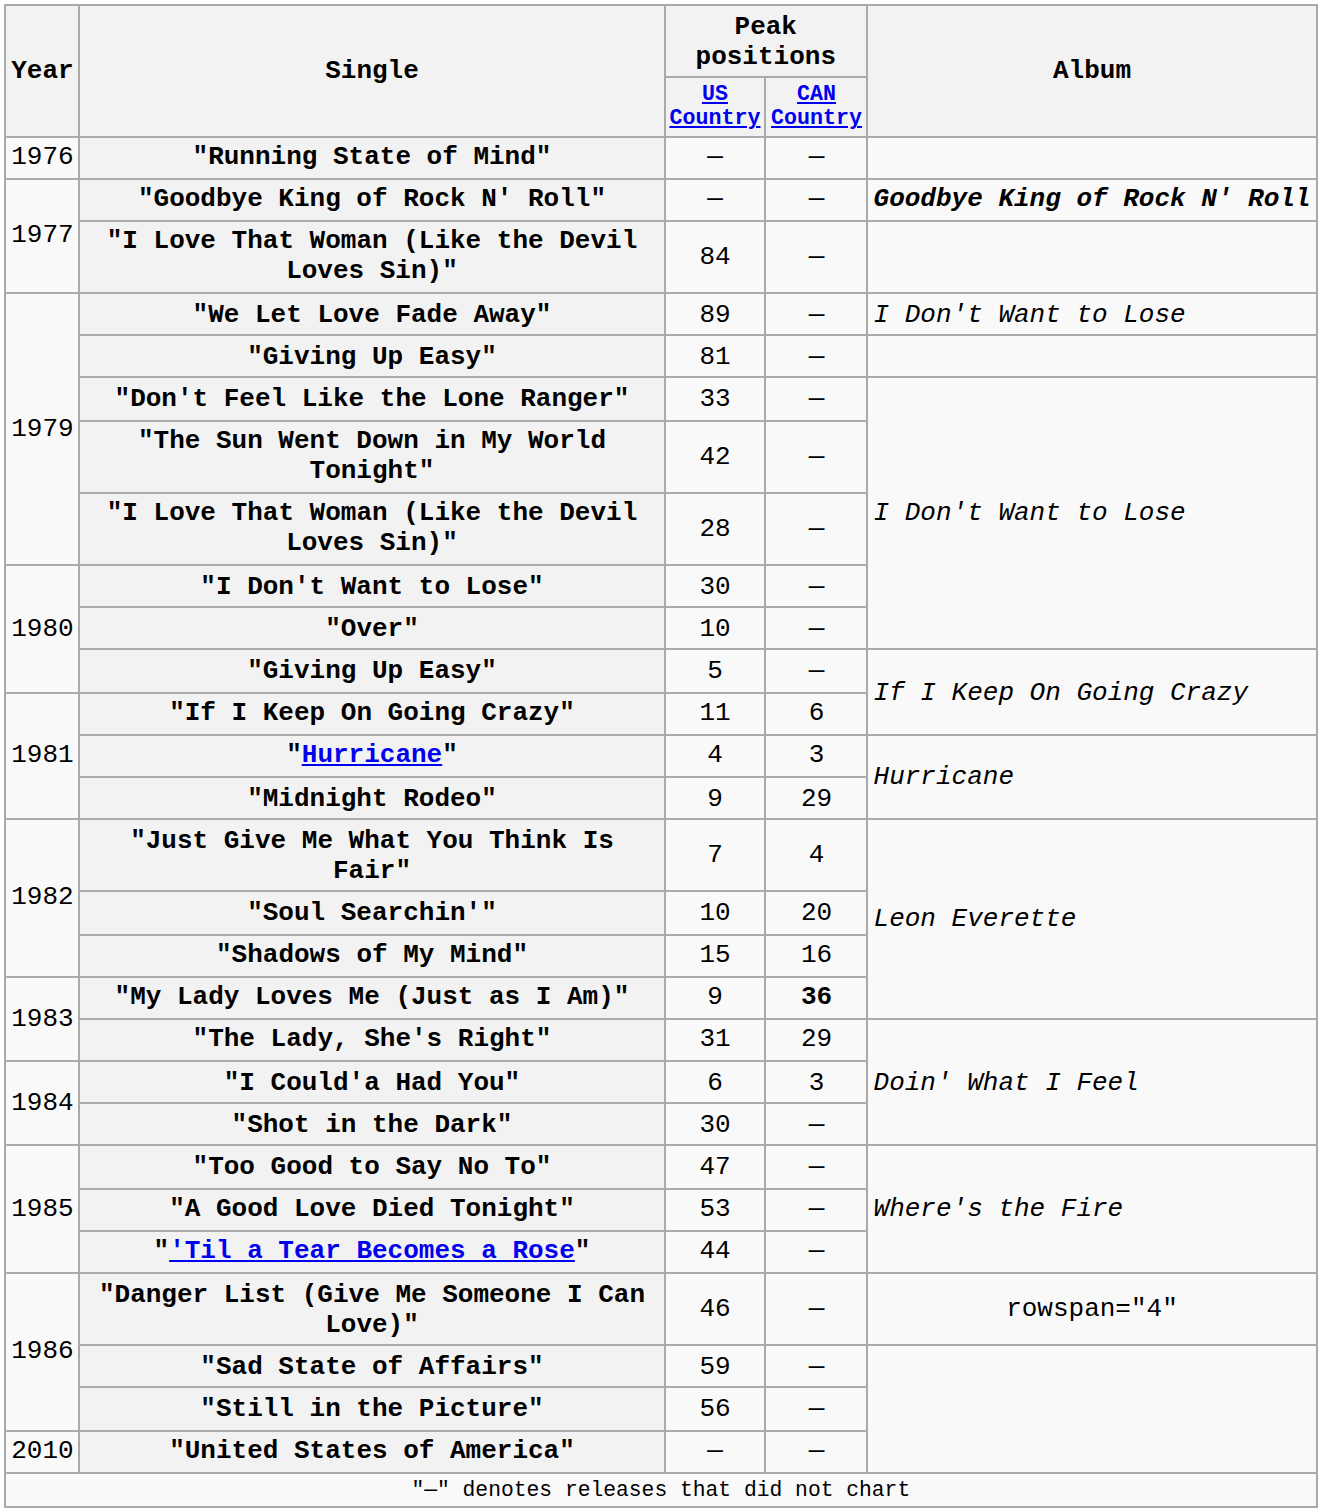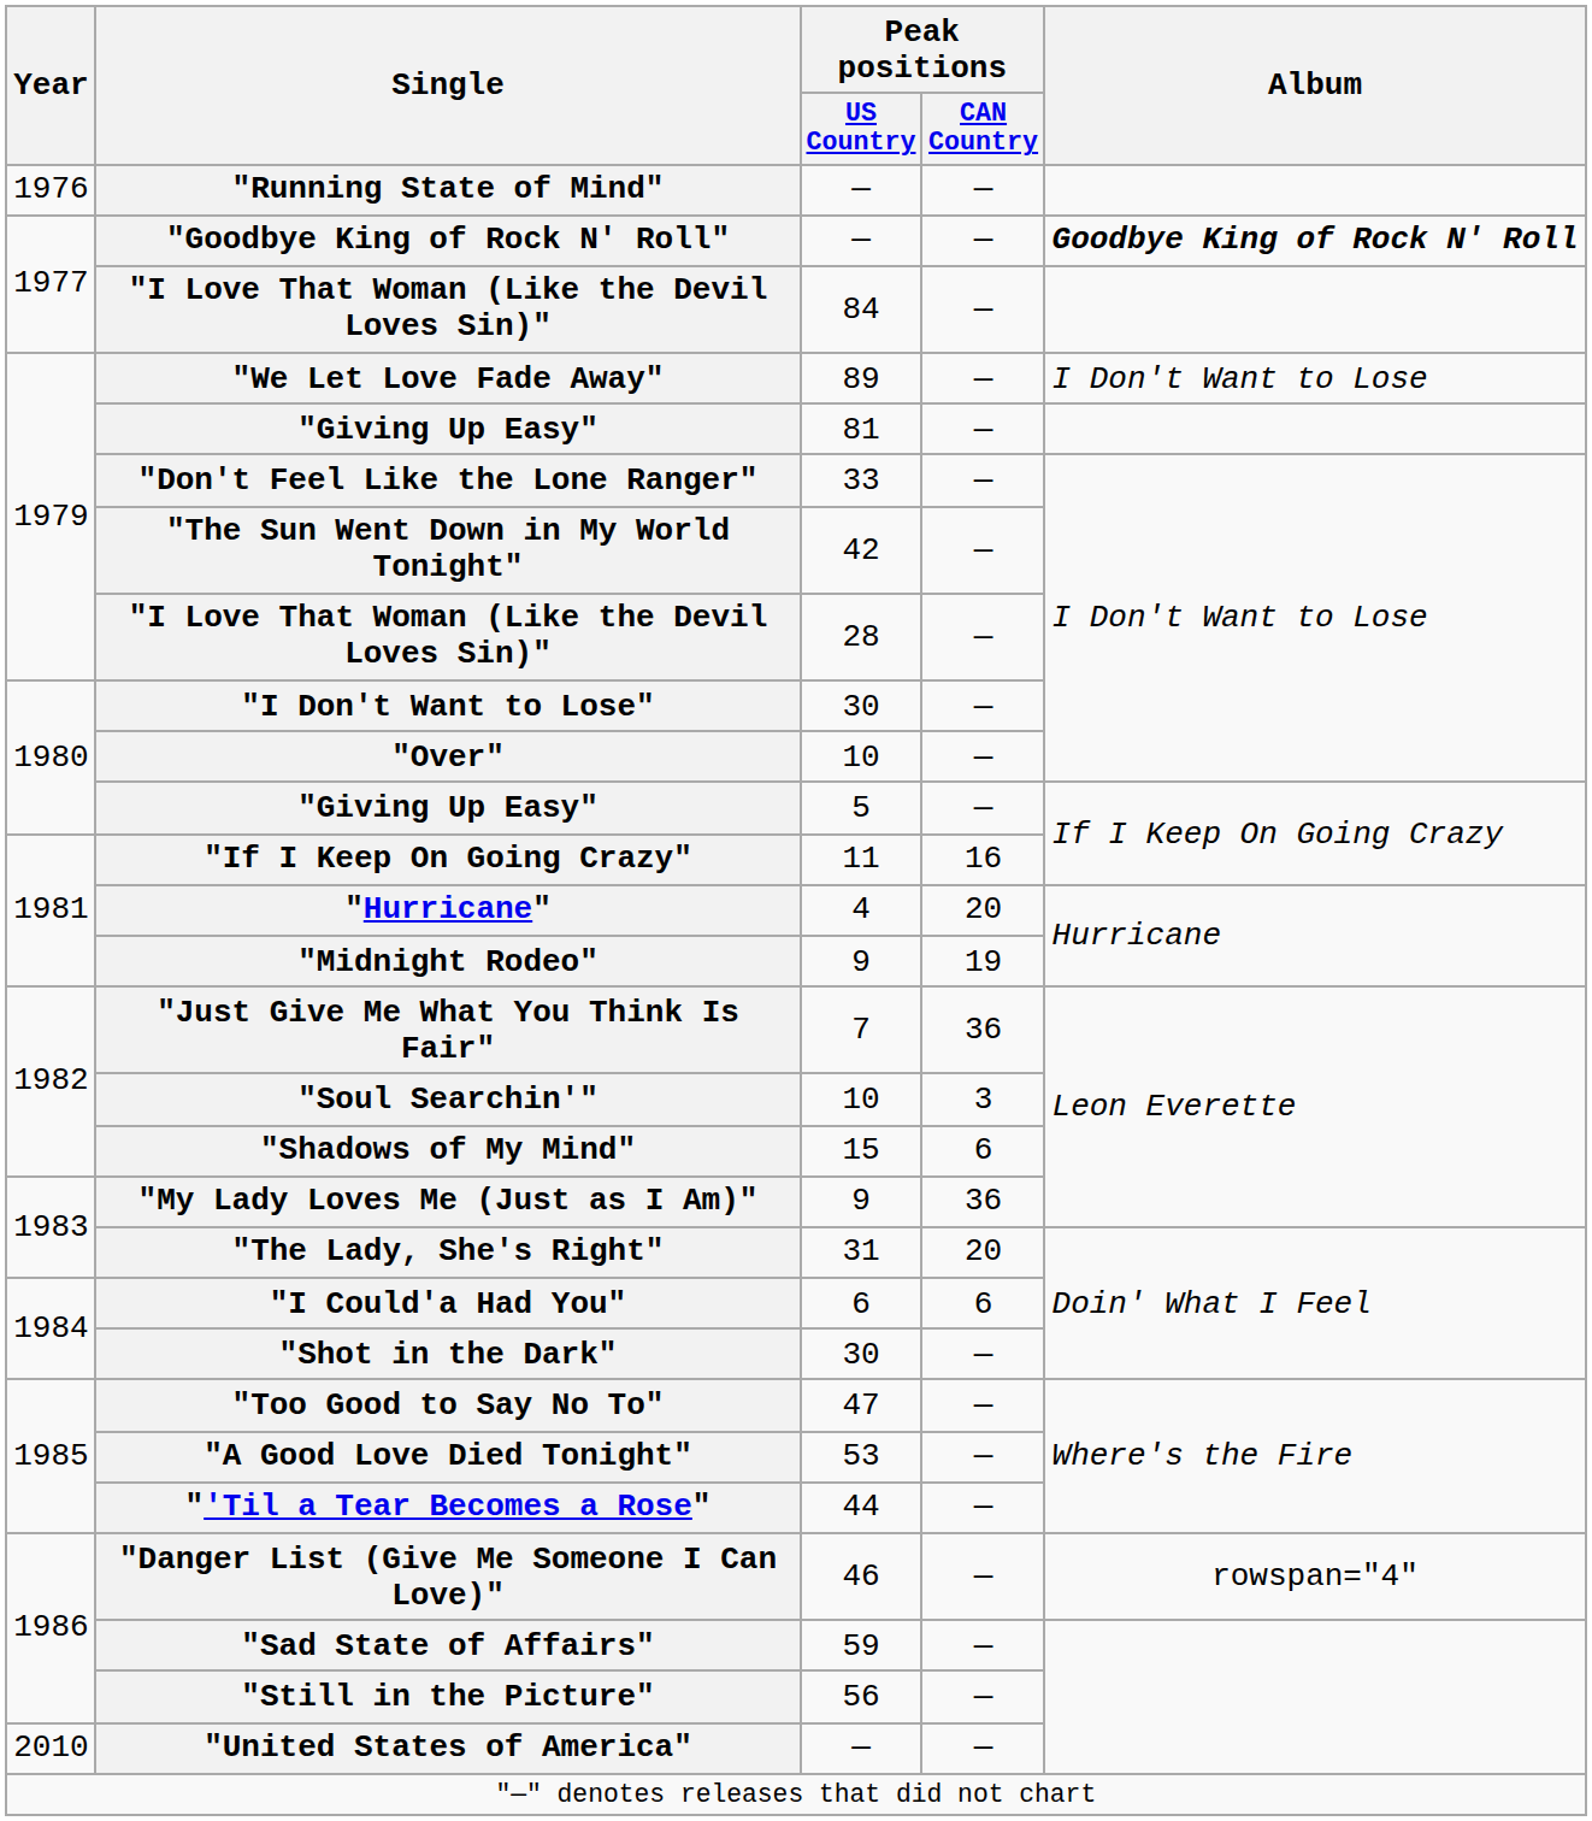 <table class="wikitable plainrowheaders" style="text-align:center;">
 <tr>
 <th rowspan="2">Year</th>
 <th rowspan="2" style="width:22em;">Single</th>
 <th colspan="2">Peak positions</th>
 <th rowspan="2">Album</th>
 </tr>
 <tr style="font-size:smaller;">
 <th width="45"><a href='#'>US Country</a></th>
 <th width="45"><a href='#'>CAN Country</a></th>
 </tr>
 <tr>
 <td>1976</td>
 <th scope="row">"Running State of Mind"</th>
 <td>—</td>
 <td>—</td>
 <td></td>
 </tr>
 <tr>
 <td rowspan="2">1977</td>
 <th scope="row">"Goodbye King of Rock N' Roll"</th>
 <td>—</td>
 <td>—</td>
 <td align="left"><strong><em>Goodbye King of Rock N' Roll</em></strong></td>
 </tr>
 <tr>
 <th scope="row">"I Love That Woman (Like the Devil Loves Sin)"</th>
 <td>84</td>
 <td>—</td>
 <td></td>
 </tr>
 <tr>
 <td rowspan="5">1979</td>
 <th scope="row">"We Let Love Fade Away"</th>
 <td>89</td>
 <td>—</td>
 <td align="left"><em>I Don't Want to Lose</em></td>
 </tr>
 <tr>
 <th scope="row">"Giving Up Easy"</th>
 <td>81</td>
 <td>—</td>
 <td></td>
 </tr>
 <tr>
 <th scope="row">"Don't Feel Like the Lone Ranger"</th>
 <td>33</td>
 <td>—</td>
 <td align="left" rowspan="5"><em>I Don't Want to Lose</em></td>
 </tr>
 <tr>
 <th scope="row">"The Sun Went Down in My World Tonight"</th>
 <td>42</td>
 <td>—</td>
 </tr>
 <tr>
 <th scope="row">"I Love That Woman (Like the Devil Loves Sin)"<br></th>
 <td>28</td>
 <td>—</td>
 </tr>
 <tr>
 <td rowspan="3">1980</td>
 <th scope="row">"I Don't Want to Lose"</th>
 <td>30</td>
 <td>—</td>
 </tr>
 <tr>
 <th scope="row">"Over"</th>
 <td>10</td>
 <td>—</td>
 </tr>
 <tr>
 <th scope="row">"Giving Up Easy" </th>
 <td>5</td>
 <td>—</td>
 <td align="left" rowspan="2"><em>If I Keep On Going Crazy</em></td>
 </tr>
 <tr>
 <td rowspan="3">1981</td>
 <th scope="row">"If I Keep On Going Crazy"</th>
 <td>11</td>
-<td>6</td>
+<td>16</td>
 </tr>
 <tr>
 <th scope="row">"<a href='#'>Hurricane</a>"</th>
 <td>4</td>
-<td>3</td>
+<td>20</td>
 <td align="left" rowspan="2"><em>Hurricane</em></td>
 </tr>
 <tr>
 <th scope="row">"Midnight Rodeo"</th>
 <td>9</td>
-<td>29</td>
+<td>19</td>
 </tr>
 <tr>
 <td rowspan="3">1982</td>
 <th scope="row">"Just Give Me What You Think Is Fair"</th>
 <td>7</td>
-<td>4</td>
+<td>36</td>
 <td align="left" rowspan="4"><em>Leon Everette</em></td>
 </tr>
 <tr>
 <th scope="row">"Soul Searchin'"</th>
 <td>10</td>
-<td>20</td>
+<td>3</td>
 </tr>
 <tr>
 <th scope="row">"Shadows of My Mind"</th>
 <td>15</td>
-<td>16</td>
+<td>6</td>
 </tr>
 <tr>
 <td rowspan="2">1983</td>
 <th scope="row">"My Lady Loves Me (Just as I Am)"</th>
 <td>9</td>
-<td><strong>36</strong></td>
+<td>36</td>
 </tr>
 <tr>
 <th scope="row">"The Lady, She's Right"</th>
 <td>31</td>
-<td>29</td>
+<td>20</td>
 <td align="left" rowspan="3"><em>Doin' What I Feel</em></td>
 </tr>
 <tr>
 <td rowspan="2">1984</td>
 <th scope="row">"I Could'a Had You"</th>
 <td>6</td>
-<td>3</td>
+<td>6</td>
 </tr>
 <tr>
 <th scope="row">"Shot in the Dark"</th>
 <td>30</td>
 <td>—</td>
 </tr>
 <tr>
 <td rowspan="3">1985</td>
 <th scope="row">"Too Good to Say No To"</th>
 <td>47</td>
 <td>—</td>
 <td align="left" rowspan="3"><em>Where's the Fire</em></td>
 </tr>
 <tr>
 <th scope="row">"A Good Love Died Tonight"</th>
 <td>53</td>
 <td>—</td>
 </tr>
 <tr>
 <th scope="row">"<a href='#'>'Til a Tear Becomes a Rose</a>"</th>
 <td>44</td>
 <td>—</td>
 </tr>
 <tr>
 <td rowspan="3">1986</td>
 <th scope="row">"Danger List (Give Me Someone I Can Love)"</th>
 <td>46</td>
 <td>—</td>
 <td>rowspan="4" </td>
 </tr>
 <tr>
 <th scope="row">"Sad State of Affairs"</th>
 <td>59</td>
 <td>—</td>
 </tr>
 <tr>
 <th scope="row">"Still in the Picture"</th>
 <td>56</td>
 <td>—</td>
 </tr>
 <tr>
 <td>2010</td>
 <th scope="row">"United States of America"</th>
 <td>—</td>
 <td>—</td>
 </tr>
 <tr>
 <td colspan="5" style="font-size:8pt">"—" denotes releases that did not chart</td>
 </tr>
 </table>
